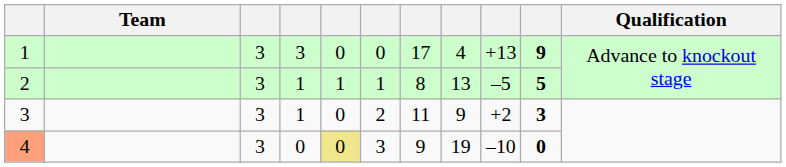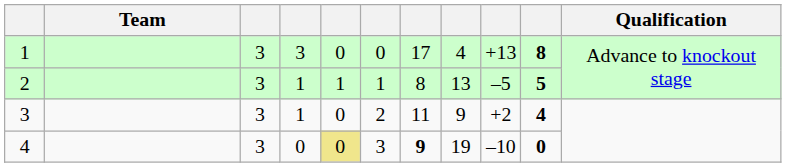 <table class="wikitable" style="text-align: center;">
 <tr>
 <th width="25"></th>
 <th width="150">Team</th>
 <th width="25"></th>
 <th width="25"></th>
 <th width="25"></th>
 <th width="25"></th>
 <th width="25"></th>
 <th width="25"></th>
 <th width="25"></th>
 <th width="25"></th>
 <th width="170">Qualification</th>
 </tr>
 <tr align=center style="background:#ccffcc;">
 <td>1</td>
 <td style="text-align:left;"></td>
 <td>3</td>
 <td>3</td>
 <td>0</td>
 <td>0</td>
 <td>17</td>
 <td>4</td>
 <td>+13</td>
-<td><strong>9</strong></td>
+<td><strong>8</strong></td>
 <td rowspan="2">Advance to <a href='#'>knockout stage</a></td>
 </tr>
 <tr align=center style="background:#ccffcc;">
 <td>2</td>
 <td style="text-align:left;"></td>
 <td>3</td>
 <td>1</td>
 <td>1</td>
 <td>1</td>
 <td>8</td>
 <td>13</td>
 <td>–5</td>
 <td><strong>5</strong></td>
 </tr>
 <tr align=center>
 <td>3</td>
 <td style="text-align:left;"></td>
 <td>3</td>
 <td>1</td>
 <td>0</td>
 <td>2</td>
 <td>11</td>
 <td>9</td>
 <td>+2</td>
-<td><strong>3</strong></td>
+<td><strong>4</strong></td>
 <td rowspan="2"></td>
 </tr>
 <tr align=center>
-<td style="background: lightsalmon;">4</td>
+<td>4</td>
 <td style="text-align:left;"></td>
 <td>3</td>
 <td>0</td>
 <td style="background: khaki;">0</td>
 <td>3</td>
-<td>9</td>
+<td><strong>9</strong></td>
 <td>19</td>
 <td>–10</td>
 <td><strong>0</strong></td>
 </tr>
 </table>
